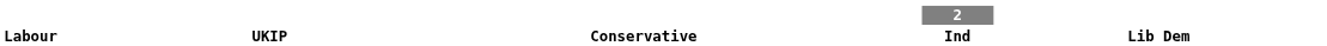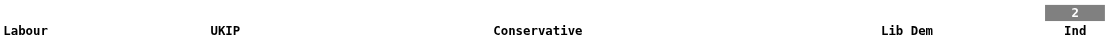 <table style="width:100%; text-align:center;">
 <tr style="color:white;">
 <td style="background-color:"><strong>25</strong></td>
 <td style="background-color:"><strong>6</strong></td>
 <td style="background-color:"><strong>5</strong></td>
+<td style="background-color:"><strong>3</strong></td>
 <td style="background-color:gray; width:5%;"><strong>2</strong></td>
-<td style="background-color:"><strong>3</strong></td>
 </tr>
 <tr>
 <td><span><strong>Labour</strong></span></td>
 <td><span><strong>UKIP</strong></span></td>
 <td><span><strong>Conservative</strong></span></td>
+<td><span><strong>Lib Dem</strong></span></td>
 <td><span><strong>Ind</strong></span></td>
-<td><span><strong>Lib Dem</strong></span></td>
 </tr>
 </table>
